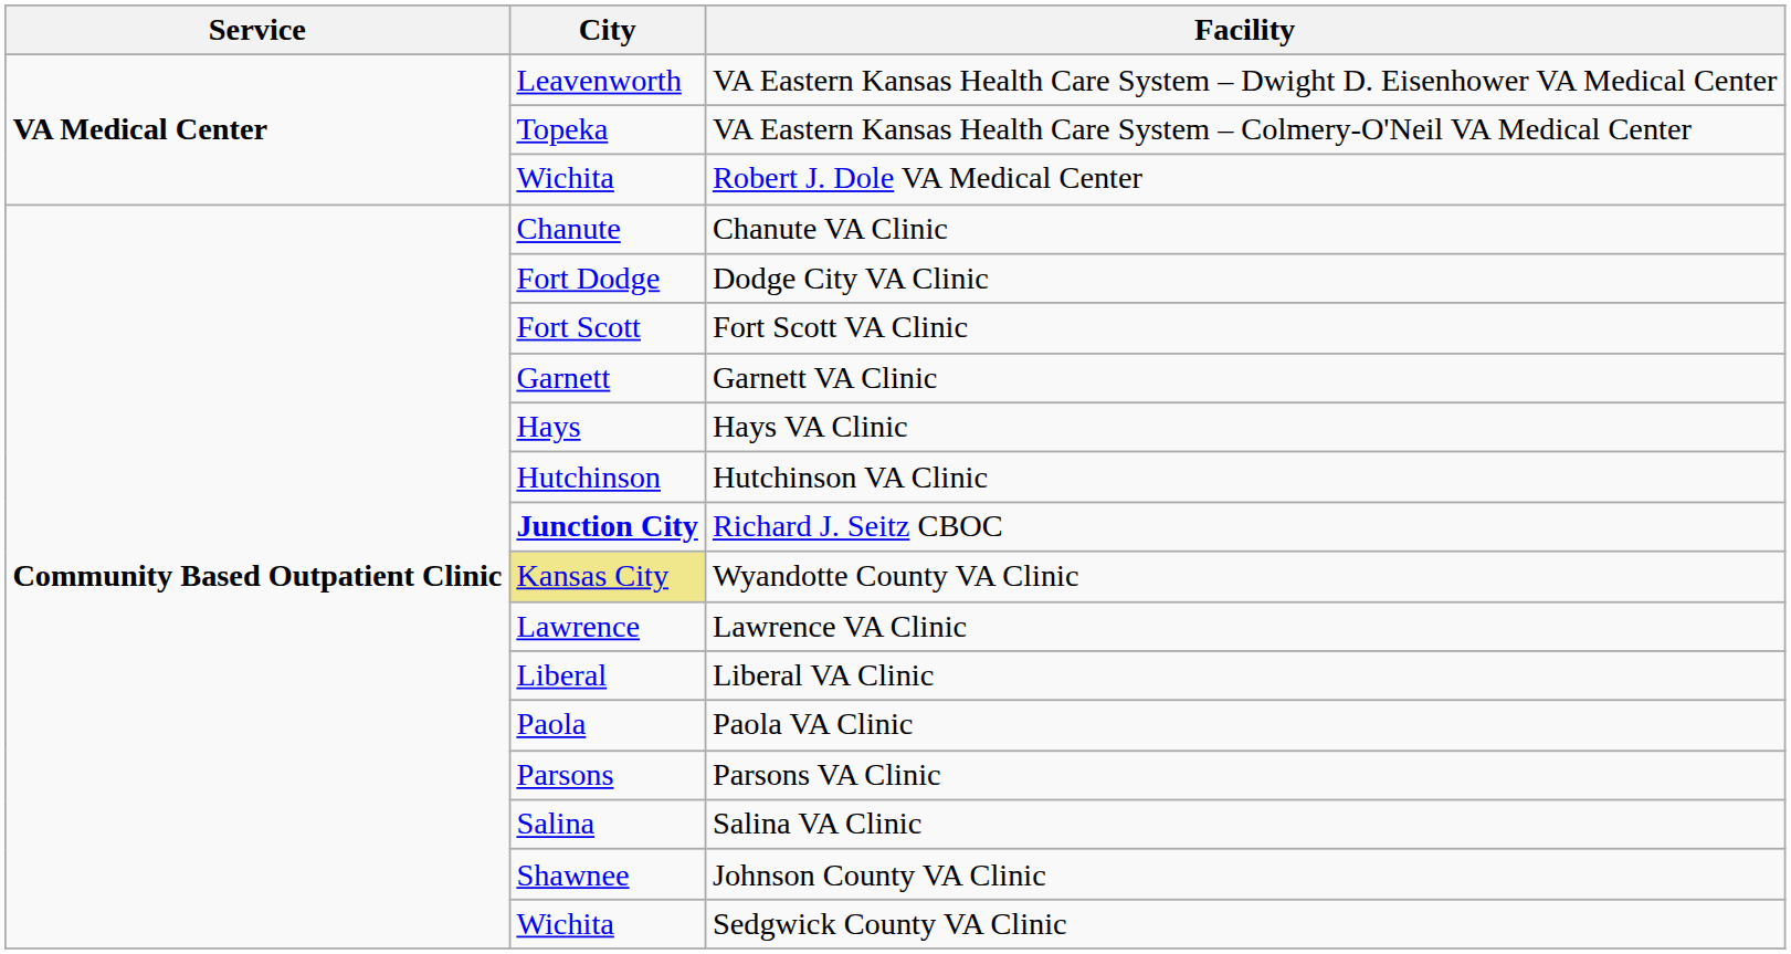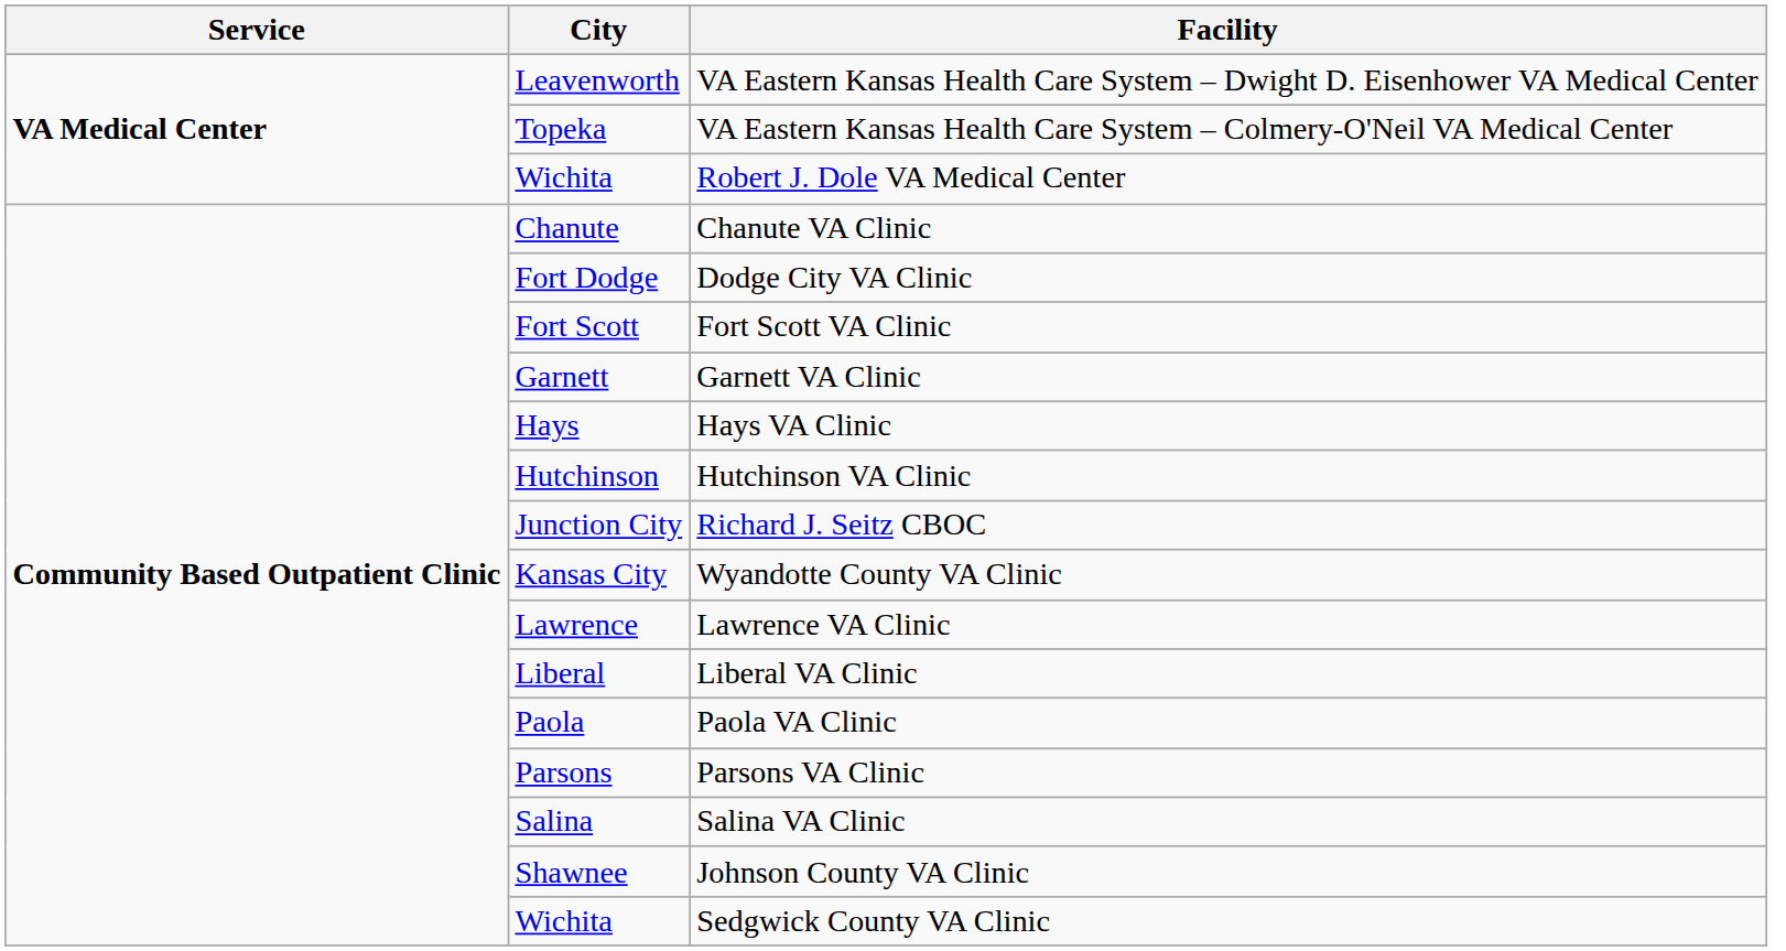 <table class="wikitable">
 <tr>
 <th>Service</th>
 <th>City</th>
 <th>Facility</th>
 </tr>
 <tr>
 <td rowspan=3><strong>VA Medical Center</strong></td>
 <td><a href='#'>Leavenworth</a></td>
 <td>VA Eastern Kansas Health Care System – Dwight D. Eisenhower VA Medical Center</td>
 </tr>
 <tr>
 <td><a href='#'>Topeka</a></td>
 <td>VA Eastern Kansas Health Care System – Colmery-O'Neil VA Medical Center</td>
 </tr>
 <tr>
 <td><a href='#'>Wichita</a></td>
 <td><a href='#'>Robert J. Dole</a> VA Medical Center</td>
 </tr>
 <tr>
 <td rowspan=15><strong>Community Based Outpatient Clinic</strong></td>
 <td><a href='#'>Chanute</a></td>
 <td>Chanute VA Clinic</td>
 </tr>
 <tr>
 <td><a href='#'>Fort Dodge</a></td>
 <td>Dodge City VA Clinic</td>
 </tr>
 <tr>
 <td><a href='#'>Fort Scott</a></td>
 <td>Fort Scott VA Clinic</td>
 </tr>
 <tr>
 <td><a href='#'>Garnett</a></td>
 <td>Garnett VA Clinic</td>
 </tr>
 <tr>
 <td><a href='#'>Hays</a></td>
 <td>Hays VA Clinic</td>
 </tr>
 <tr>
 <td><a href='#'>Hutchinson</a></td>
 <td>Hutchinson VA Clinic</td>
 </tr>
 <tr>
-<td><strong><a href='#'>Junction City</a></strong></td>
+<td><a href='#'>Junction City</a></td>
 <td><a href='#'>Richard J. Seitz</a> CBOC</td>
 </tr>
 <tr>
-<td style="background: khaki;"><a href='#'>Kansas City</a></td>
+<td><a href='#'>Kansas City</a></td>
 <td>Wyandotte County VA Clinic</td>
 </tr>
 <tr>
 <td><a href='#'>Lawrence</a></td>
 <td>Lawrence VA Clinic</td>
 </tr>
 <tr>
 <td><a href='#'>Liberal</a></td>
 <td>Liberal VA Clinic</td>
 </tr>
 <tr>
 <td><a href='#'>Paola</a></td>
 <td>Paola VA Clinic</td>
 </tr>
 <tr>
 <td><a href='#'>Parsons</a></td>
 <td>Parsons VA Clinic</td>
 </tr>
 <tr>
 <td><a href='#'>Salina</a></td>
 <td>Salina VA Clinic</td>
 </tr>
 <tr>
 <td><a href='#'>Shawnee</a></td>
 <td>Johnson County VA Clinic</td>
 </tr>
 <tr>
 <td><a href='#'>Wichita</a></td>
 <td>Sedgwick County VA Clinic</td>
 </tr>
 </table>
